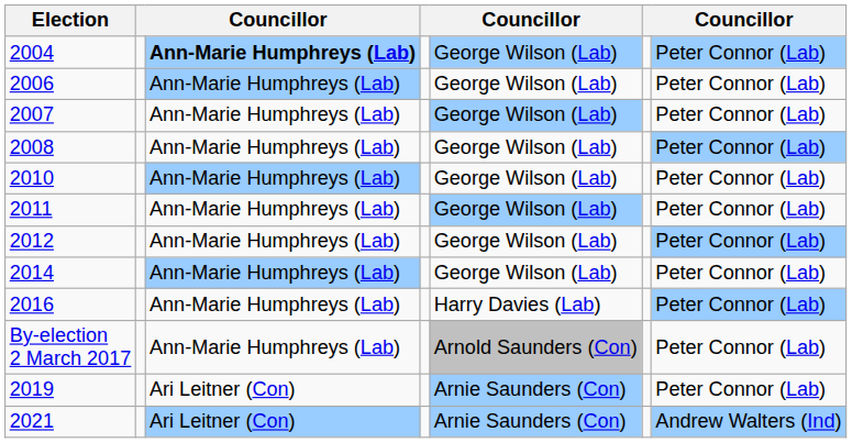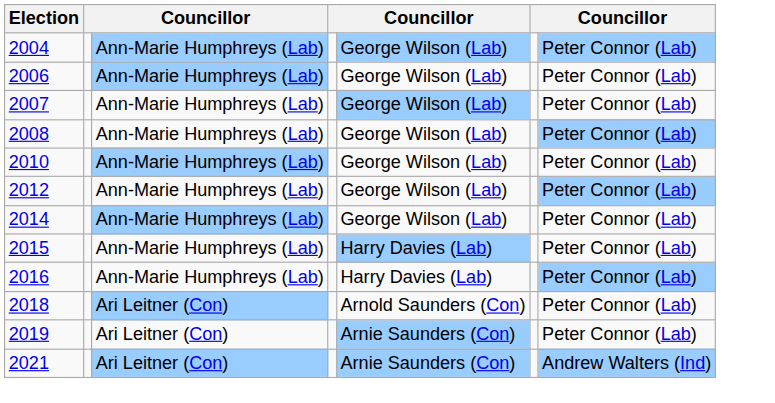 <table class="wikitable">
 <tr>
 <th>Election</th>
 <th colspan="2">Councillor</th>
 <th colspan="2">Councillor</th>
 <th colspan="2">Councillor</th>
 </tr>
 <tr>
 <td><a href='#'>2004</a></td>
 <td style="background-color: "></td>
-<td style="background:#9cf;"><strong>Ann-Marie Humphreys (<a href='#'>Lab</a>)</strong></td>
+<td style="background:#9cf;">Ann-Marie Humphreys (<a href='#'>Lab</a>)</td>
 <td style="background-color: "></td>
 <td style="background:#9cf;">George Wilson (<a href='#'>Lab</a>)</td>
 <td style="background-color: "></td>
 <td style="background:#9cf;">Peter Connor (<a href='#'>Lab</a>)</td>
 </tr>
 <tr>
 <td><a href='#'>2006</a></td>
 <td style="background-color: "></td>
 <td style="background:#9cf;">Ann-Marie Humphreys (<a href='#'>Lab</a>)</td>
 <td style="background-color: "></td>
 <td>George Wilson (<a href='#'>Lab</a>)</td>
 <td style="background-color: "></td>
 <td>Peter Connor (<a href='#'>Lab</a>)</td>
 </tr>
 <tr>
 <td><a href='#'>2007</a></td>
 <td style="background-color: "></td>
 <td>Ann-Marie Humphreys (<a href='#'>Lab</a>)</td>
 <td style="background-color: "></td>
 <td style="background:#9cf;">George Wilson (<a href='#'>Lab</a>)</td>
 <td style="background-color: "></td>
 <td>Peter Connor (<a href='#'>Lab</a>)</td>
 </tr>
 <tr>
 <td><a href='#'>2008</a></td>
 <td style="background-color: "></td>
 <td>Ann-Marie Humphreys (<a href='#'>Lab</a>)</td>
 <td style="background-color: "></td>
 <td>George Wilson (<a href='#'>Lab</a>)</td>
 <td style="background-color: "></td>
 <td style="background:#9cf;">Peter Connor (<a href='#'>Lab</a>)</td>
 </tr>
 <tr>
 <td><a href='#'>2010</a></td>
 <td style="background-color: "></td>
 <td style="background:#9cf;">Ann-Marie Humphreys (<a href='#'>Lab</a>)</td>
 <td style="background-color: "></td>
 <td>George Wilson (<a href='#'>Lab</a>)</td>
 <td style="background-color: "></td>
 <td>Peter Connor (<a href='#'>Lab</a>)</td>
 </tr>
 <tr>
-<td><a href='#'>2011</a></td>
-<td style="background-color: "></td>
-<td>Ann-Marie Humphreys (<a href='#'>Lab</a>)</td>
-<td style="background-color: "></td>
-<td style="background:#9cf;">George Wilson (<a href='#'>Lab</a>)</td>
-<td style="background-color: "></td>
-<td>Peter Connor (<a href='#'>Lab</a>)</td>
-</tr>
-<tr>
 <td><a href='#'>2012</a></td>
 <td style="background-color: "></td>
 <td>Ann-Marie Humphreys (<a href='#'>Lab</a>)</td>
 <td style="background-color: "></td>
 <td>George Wilson (<a href='#'>Lab</a>)</td>
 <td style="background-color: "></td>
 <td style="background:#9cf;">Peter Connor (<a href='#'>Lab</a>)</td>
 </tr>
 <tr>
 <td><a href='#'>2014</a></td>
 <td style="background-color: "></td>
 <td style="background:#9cf;">Ann-Marie Humphreys (<a href='#'>Lab</a>)</td>
 <td style="background-color: "></td>
 <td>George Wilson (<a href='#'>Lab</a>)</td>
 <td style="background-color: "></td>
 <td>Peter Connor (<a href='#'>Lab</a>)</td>
 </tr>
 <tr>
+<td><a href='#'>2015</a></td>
+<td style="background-color: "></td>
+<td>Ann-Marie Humphreys (<a href='#'>Lab</a>)</td>
+<td style="background-color: "></td>
+<td style="background:#9cf;">Harry Davies (<a href='#'>Lab</a>)</td>
+<td style="background-color: "></td>
+<td>Peter Connor (<a href='#'>Lab</a>)</td>
+</tr>
+<tr>
 <td><a href='#'>2016</a></td>
 <td style="background-color: "></td>
 <td>Ann-Marie Humphreys (<a href='#'>Lab</a>)</td>
 <td style="background-color: "></td>
 <td>Harry Davies (<a href='#'>Lab</a>)</td>
 <td style="background-color: "></td>
 <td style="background:#9cf;">Peter Connor (<a href='#'>Lab</a>)</td>
 </tr>
 <tr>
-<td><a href='#'>By-election<br>2 March 2017</a></td>
+<td><a href='#'>2018</a></td>
 <td style="background-color: "></td>
-<td>Ann-Marie Humphreys (<a href='#'>Lab</a>)</td>
+<td style="background:#9cf;">Ari Leitner (<a href='#'>Con</a>)</td>
 <td style="background-color: "></td>
-<td style="background:silver;">Arnold Saunders (<a href='#'>Con</a>)</td>
+<td>Arnold Saunders (<a href='#'>Con</a>)</td>
 <td style="background-color: "></td>
 <td>Peter Connor (<a href='#'>Lab</a>)</td>
 </tr>
 <tr>
 <td><a href='#'>2019</a></td>
 <td style="background-color: "></td>
 <td>Ari Leitner (<a href='#'>Con</a>)</td>
 <td style="background-color: "></td>
 <td style="background:#9cf;">Arnie Saunders (<a href='#'>Con</a>)</td>
 <td style="background-color: "></td>
 <td>Peter Connor (<a href='#'>Lab</a>)</td>
 </tr>
 <tr>
 <td><a href='#'>2021</a></td>
 <td style="background-color: "></td>
 <td style="background:#9cf;">Ari Leitner (<a href='#'>Con</a>)</td>
 <td style="background-color: "></td>
 <td style="background:#9cf;">Arnie Saunders (<a href='#'>Con</a>)</td>
 <td style="background-color: "></td>
 <td style="background:#9cf;">Andrew Walters (<a href='#'>Ind</a>)</td>
 </tr>
 </table>
